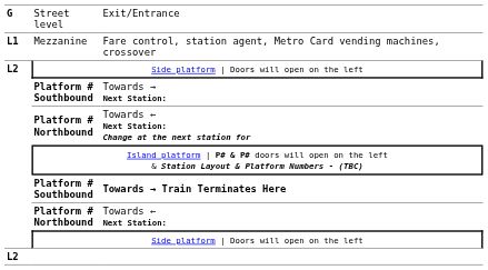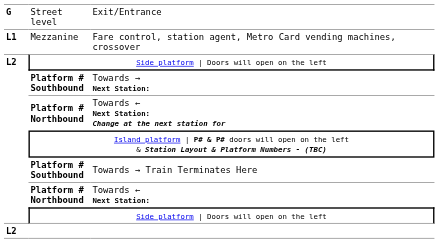 <table border=0 cellspacing=0 cellpadding=3>
 <tr>
 <td style="border-bottom:solid 1px gray;border-top:solid 1px gray;" width=30 valign=top><strong>G</strong></td>
 <td style="border-top:solid 1px gray;border-bottom:solid 1px gray;" width=85 valign=top>Street level</td>
 <td style="border-top:solid 1px gray;border-bottom:solid 1px gray;" width=500 valign=top>Exit/Entrance</td>
 </tr>
 <tr>
 <td valign=top><strong>L1</strong></td>
 <td valign=top>Mezzanine</td>
 <td valign=top>Fare control, station agent, Metro Card vending machines, crossover<br></td>
 </tr>
 <tr>
 <td rowspan="7" style="border-top:solid 1px gray;border-bottom:solid 1px gray;" width="30" valign="top"><strong>L2</strong></td>
 <td style="border-top:solid 1px gray;border-right:solid 2px black;border-left:solid 2px black;border-bottom:solid 2px black;text-align:center;" colspan=2><small><a href='#'>Side platform</a> | Doors will open on the left </small></td>
 </tr>
 <tr>
 <td style="border-bottom:solid 1px gray;" width=85><span><strong>Platform #</strong><br><strong>Southbound</strong></span></td>
 <td style="border-bottom:solid 1px gray;" width=500>Towards → <br><small><strong>Next Station:</strong> </small></td>
 </tr>
 <tr>
 <td><span><strong>Platform #</strong><br><strong>Northbound</strong></span></td>
 <td>Towards ← <br><small><strong>Next Station:</strong> <br><strong><em>Change at the next station for </em></strong></small></td>
 </tr>
 <tr>
 <td colspan="2" style="border-top:solid 2px black;border-right:solid 2px black;border-left:solid 2px black;border-bottom:solid 2px black;text-align:center;"><small><a href='#'>Island platform</a> | <strong>P# & P#</strong> doors will open on the left <br> &  <strong><em>Station Layout & Platform Numbers - (TBC)</em></strong></small></td>
 </tr>
 <tr>
 <td style="border-bottom:solid 1px gray;" width=85><span><strong>Platform #</strong><br><strong>Southbound</strong></span></td>
-<td style="border-bottom:solid 1px gray;" width=500><strong>Towards → Train Terminates Here</strong></td>
+<td style="border-bottom:solid 1px gray;" width=500>Towards → Train Terminates Here</td>
 </tr>
 <tr>
 <td><span><strong>Platform #</strong><br><strong>Northbound</strong></span></td>
 <td>Towards ← <br><small><strong>Next Station:</strong> </small></td>
 </tr>
 <tr>
 <td colspan="2" style="border-top:solid 2px black;border-right:solid 2px black;border-left:solid 2px black;border-bottom:solid 1px gray;text-align:center;"><small><a href='#'>Side platform</a> | Doors will open on the left </small></td>
 </tr>
 <tr>
 <td style="border-bottom:solid 1px gray;" width="30" valign="top"><strong>L2</strong></td>
 <td style="border-bottom:solid 1px gray;" width="85" valign="top"></td>
 <td style="border-bottom:solid 1px gray;" width="500"></td>
 </tr>
 <tr>
 </tr>
 </table>
